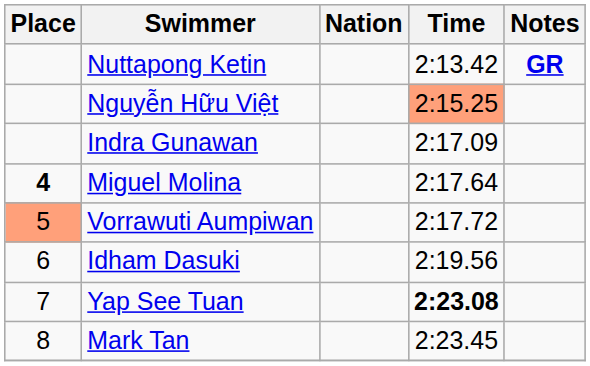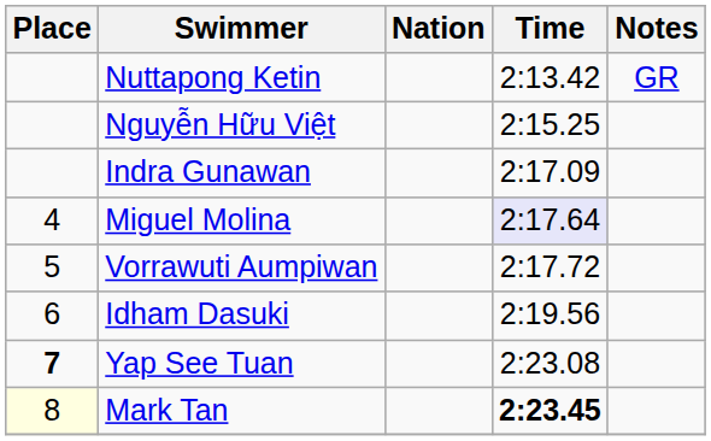 <table class="wikitable sortable" style="text-align:center">
 <tr>
 <th>Place</th>
 <th>Swimmer</th>
 <th>Nation</th>
 <th>Time</th>
 <th>Notes</th>
 </tr>
 <tr>
 <td></td>
 <td align=left><a href='#'>Nuttapong Ketin</a></td>
 <td align=left></td>
 <td>2:13.42</td>
-<td><strong><a href='#'>GR</a></strong></td>
+<td><a href='#'>GR</a></td>
 </tr>
 <tr>
 <td></td>
 <td align=left><a href='#'>Nguyễn Hữu Việt</a></td>
 <td align=left></td>
-<td style="background: lightsalmon;">2:15.25</td>
+<td>2:15.25</td>
 <td></td>
 </tr>
 <tr>
 <td></td>
 <td align=left><a href='#'>Indra Gunawan</a></td>
 <td align=left></td>
 <td>2:17.09</td>
 <td></td>
 </tr>
 <tr>
-<td><strong>4</strong></td>
+<td>4</td>
 <td align=left><a href='#'>Miguel Molina</a></td>
 <td align=left></td>
-<td>2:17.64</td>
+<td style="background: lavender;">2:17.64</td>
 <td></td>
 </tr>
 <tr>
-<td style="background: lightsalmon;">5</td>
+<td>5</td>
 <td align=left><a href='#'>Vorrawuti Aumpiwan</a></td>
 <td align=left></td>
 <td>2:17.72</td>
 <td></td>
 </tr>
 <tr>
 <td>6</td>
 <td align=left><a href='#'>Idham Dasuki</a></td>
 <td align=left></td>
 <td>2:19.56</td>
 <td></td>
 </tr>
 <tr>
-<td>7</td>
+<td><strong>7</strong></td>
 <td align=left><a href='#'>Yap See Tuan</a></td>
 <td align=left></td>
-<td><strong>2:23.08</strong></td>
+<td>2:23.08</td>
 <td></td>
 </tr>
 <tr>
-<td>8</td>
+<td style="background: lightyellow;">8</td>
 <td align=left><a href='#'>Mark Tan</a></td>
 <td align=left></td>
-<td>2:23.45</td>
+<td><strong>2:23.45</strong></td>
 <td></td>
 </tr>
 <tr>
 </tr>
 </table>
